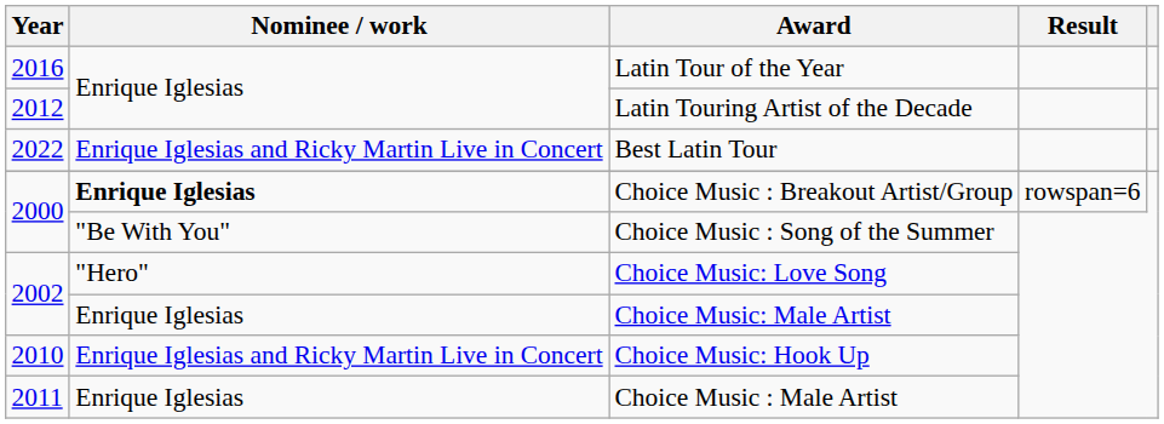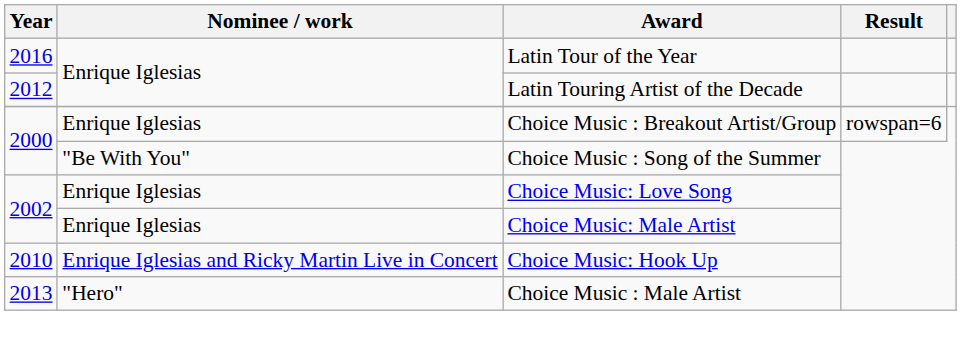 <table class="wikitable">
 <tr>
 <th>Year</th>
 <th>Nominee / work</th>
 <th>Award</th>
 <th>Result</th>
 <th></th>
 </tr>
 <tr>
 <td rowspan="1"><a href='#'>2016</a></td>
 <td rowspan="2">Enrique Iglesias</td>
 <td>Latin Tour of the Year</td>
 <td></td>
 <td></td>
 </tr>
 <tr>
 <td rowspan="1"><a href='#'>2012</a></td>
 <td>Latin Touring Artist of the Decade</td>
 <td></td>
 <td></td>
 </tr>
 <tr>
-<td rowspan="1"><a href='#'>2022</a></td>
-<td><a href='#'>Enrique Iglesias and Ricky Martin Live in Concert</a></td>
-<td>Best Latin Tour</td>
-<td></td>
-<td></td>
-</tr>
-<tr>
 </tr>
 <tr>
 <td rowspan=2><a href='#'>2000</a></td>
-<td><strong>Enrique Iglesias</strong></td>
+<td>Enrique Iglesias</td>
 <td>Choice Music : Breakout Artist/Group</td>
 <td>rowspan=6 </td>
 </tr>
 <tr>
 <td>"Be With You"</td>
 <td>Choice Music : Song of the Summer</td>
 </tr>
 <tr>
 <td rowspan=2><a href='#'>2002</a></td>
-<td>"Hero"</td>
+<td>Enrique Iglesias</td>
 <td><a href='#'>Choice Music:  Love Song</a></td>
 </tr>
 <tr>
 <td>Enrique Iglesias</td>
 <td><a href='#'>Choice Music:  Male Artist</a></td>
 </tr>
 <tr>
 <td><a href='#'>2010</a></td>
 <td><a href='#'>Enrique Iglesias and Ricky Martin Live in Concert</a></td>
 <td><a href='#'>Choice Music:  Hook Up</a></td>
 </tr>
 <tr>
-<td><a href='#'>2011</a></td>
-<td>Enrique Iglesias</td>
+<td><a href='#'>2013</a></td>
+<td>"Hero"</td>
 <td>Choice Music : Male Artist</td>
 </tr>
 </table>
